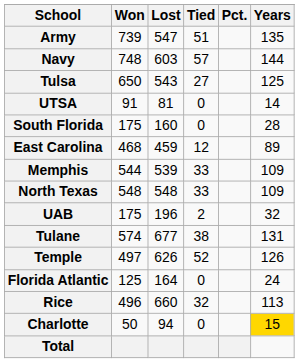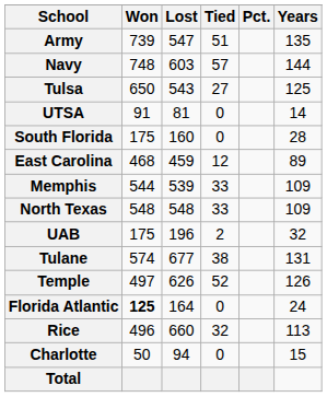 <table class="wikitable sortable plainrowheaders"  style="text-align:center;">
 <tr>
 </tr>
 <tr>
 <th scope="col">School</th>
 <th scope="col">Won</th>
 <th scope="col">Lost</th>
 <th scope="col">Tied</th>
 <th scope="col">Pct.</th>
 <th scope="col">Years</th>
 </tr>
 <tr>
 <th scope="row">Army</th>
 <td>739</td>
 <td>547</td>
 <td>51</td>
 <td></td>
 <td>135</td>
 </tr>
 <tr>
 <th scope="row">Navy</th>
 <td>748</td>
 <td>603</td>
 <td>57</td>
 <td></td>
 <td>144</td>
 </tr>
 <tr>
 <th scope="row">Tulsa</th>
 <td>650</td>
 <td>543</td>
 <td>27</td>
 <td></td>
 <td>125</td>
 </tr>
 <tr>
 <th scope="row">UTSA</th>
 <td>91</td>
 <td>81</td>
 <td>0</td>
 <td></td>
 <td>14</td>
 </tr>
 <tr>
 <th scope="row">South Florida</th>
 <td>175</td>
 <td>160</td>
 <td>0</td>
 <td></td>
 <td>28</td>
 </tr>
 <tr>
 <th scope="row">East Carolina</th>
 <td>468</td>
 <td>459</td>
 <td>12</td>
 <td></td>
 <td>89</td>
 </tr>
 <tr>
 <th scope="row">Memphis</th>
 <td>544</td>
 <td>539</td>
 <td>33</td>
 <td></td>
 <td>109</td>
 </tr>
 <tr>
 <th scope="row">North Texas</th>
 <td>548</td>
 <td>548</td>
 <td>33</td>
 <td></td>
 <td>109</td>
 </tr>
 <tr>
 <th scope="row">UAB</th>
 <td>175</td>
 <td>196</td>
 <td>2</td>
 <td></td>
 <td>32</td>
 </tr>
 <tr>
 <th scope="row">Tulane</th>
 <td>574</td>
 <td>677</td>
 <td>38</td>
 <td></td>
 <td>131</td>
 </tr>
 <tr>
 <th scope="row">Temple</th>
 <td>497</td>
 <td>626</td>
 <td>52</td>
 <td></td>
 <td>126</td>
 </tr>
 <tr>
 <th scope="row">Florida Atlantic</th>
-<td>125</td>
+<td><strong>125</strong></td>
 <td>164</td>
 <td>0</td>
 <td></td>
 <td>24</td>
 </tr>
 <tr>
 <th scope="row">Rice</th>
 <td>496</td>
 <td>660</td>
 <td>32</td>
 <td></td>
 <td>113</td>
 </tr>
 <tr>
 <th scope="row">Charlotte</th>
 <td>50</td>
 <td>94</td>
 <td>0</td>
 <td></td>
-<td style="background: gold;">15</td>
+<td>15</td>
 </tr>
 <tr>
 <th scope="row" style="font-weight: bold;">Total</th>
 <th scope="col"></th>
 <th scope="col"></th>
 <th scope="col"></th>
 <th scope="col"></th>
 </tr>
 </table>
